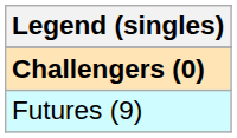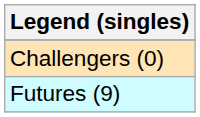 <table class="wikitable">
 <tr>
 <th>Legend (singles)</th>
 </tr>
 <tr bgcolor="#e5d1cb">
 </tr>
 <tr bgcolor="moccasin">
-<td><strong>Challengers (0)</strong></td>
+<td>Challengers (0)</td>
 </tr>
 <tr bgcolor="CFFCFF">
 <td>Futures (9)</td>
 </tr>
 </table>
